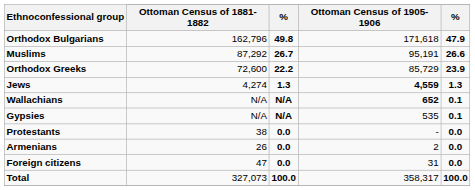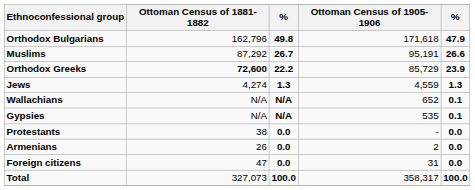 <table class="wikitable" style="text-align:center;">
 <tr>
 <th rowspan="2">Ethnoconfessional group</th>
 </tr>
 <tr>
 <th style="width:170pt;">Ottoman Census of 1881-1882</th>
 <th>%</th>
 <th style="width:170pt;">Ottoman Census of 1905-1906</th>
 <th>%</th>
 </tr>
 <tr>
 <td align="left"><strong>Orthodox Bulgarians</strong></td>
 <td align="right">162,796</td>
 <td><strong>49.8</strong></td>
 <td align="right">171,618</td>
 <td><strong>47.9</strong></td>
 </tr>
 <tr>
 <td align="left"><strong>Muslims</strong></td>
 <td align="right">87,292</td>
 <td><strong>26.7</strong></td>
 <td align="right">95,191</td>
 <td><strong>26.6</strong></td>
 </tr>
 <tr>
 <td align="left"><strong>Orthodox Greeks</strong></td>
-<td align="right">72,600</td>
+<td align="right"><strong>72,600</strong></td>
 <td><strong>22.2</strong></td>
 <td align="right">85,729</td>
 <td><strong>23.9</strong></td>
 </tr>
 <tr>
 <td align="left"><strong>Jews</strong></td>
 <td align="right">4,274</td>
 <td><strong>1.3</strong></td>
-<td align="right"><strong>4,559</strong></td>
+<td align="right">4,559</td>
 <td><strong>1.3</strong></td>
 </tr>
 <tr>
 <td align="left"><strong>Wallachians</strong></td>
 <td align="right">N/A</td>
 <td><strong>N/A</strong></td>
-<td align="right"><strong>652</strong></td>
+<td align="right">652</td>
 <td><strong>0.1</strong></td>
 </tr>
 <tr>
 <td align="left"><strong>Gypsies</strong></td>
 <td align="right">N/A</td>
 <td><strong>N/A</strong></td>
 <td align="right">535</td>
 <td><strong>0.1</strong></td>
 </tr>
 <tr>
 <td align="left"><strong>Protestants</strong></td>
 <td align="right">38</td>
 <td><strong>0.0</strong></td>
 <td align="right">-</td>
 <td><strong>0.0</strong></td>
 </tr>
 <tr>
 <td align="left"><strong>Armenians</strong></td>
 <td align="right">26</td>
 <td><strong>0.0</strong></td>
 <td align="right">2</td>
 <td><strong>0.0</strong></td>
 </tr>
 <tr>
 <td align="left"><strong>Foreign citizens</strong></td>
 <td align="right">47</td>
 <td><strong>0.0</strong></td>
 <td align="right">31</td>
 <td><strong>0.0</strong></td>
 </tr>
 <tr>
 <td align="left"><strong>Total</strong></td>
 <td align="right">327,073</td>
 <td><strong>100.0</strong></td>
 <td align="right">358,317</td>
 <td><strong>100.0</strong></td>
 </tr>
 <tr>
 </tr>
 </table>
